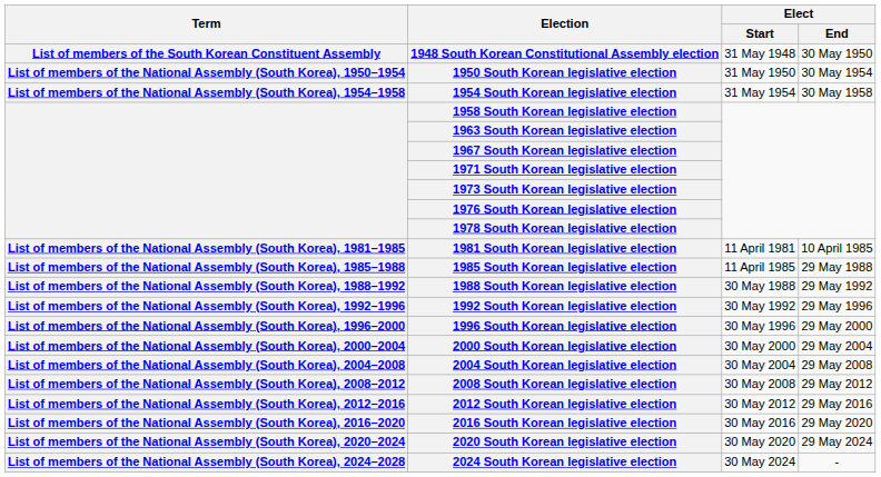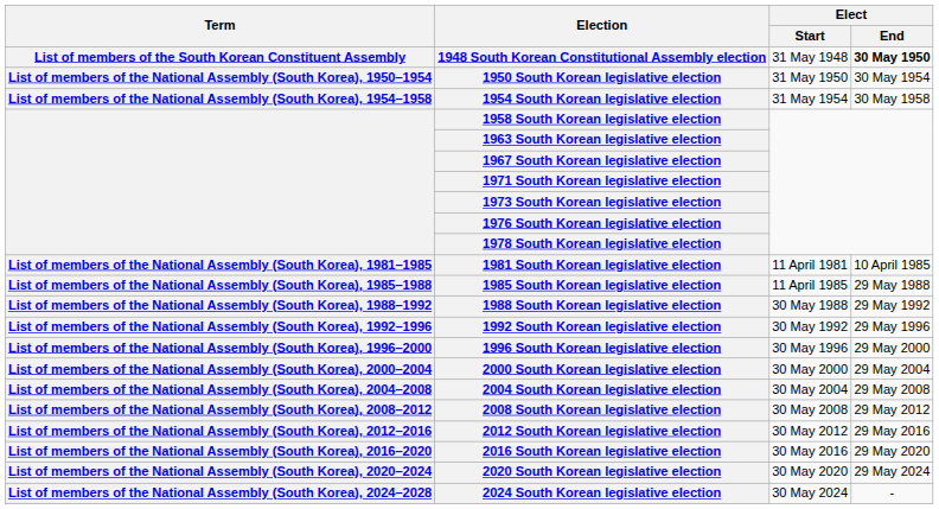 <table class ="wikitable">
 <tr style="text-align: center;">
 <th rowspan=2>Term</th>
 <th rowspan="2">Election</th>
 <th colspan="2">Elect</th>
 </tr>
 <tr style="text-align: center;">
 <th>Start</th>
 <th>End</th>
 </tr>
 <tr style="text-align: center;">
 <th><strong><a href='#'>List of members of the South Korean Constituent Assembly</a></strong></th>
 <th><a href='#'>1948 South Korean Constitutional Assembly election</a></th>
 <td>31 May 1948</td>
-<td>30 May 1950</td>
+<td><strong>30 May 1950</strong></td>
 </tr>
 <tr style="text-align: center;">
 <th><strong><a href='#'>List of members of the National Assembly (South Korea), 1950–1954</a></strong></th>
 <th><a href='#'>1950 South Korean legislative election</a></th>
 <td>31 May 1950</td>
 <td>30 May 1954</td>
 </tr>
 <tr style="text-align: center;">
 <th><strong><a href='#'>List of members of the National Assembly (South Korea), 1954–1958</a></strong></th>
 <th><a href='#'>1954 South Korean legislative election</a></th>
 <td>31 May 1954</td>
 <td>30 May 1958</td>
 </tr>
 <tr>
 <th rowspan="7"></th>
 <th><a href='#'>1958 South Korean legislative election</a></th>
 <td colspan="2" rowspan="7"></td>
 </tr>
 <tr>
 <th><a href='#'>1963 South Korean legislative election</a></th>
 </tr>
 <tr>
 <th><a href='#'>1967 South Korean legislative election</a></th>
 </tr>
 <tr>
 <th><a href='#'>1971 South Korean legislative election</a></th>
 </tr>
 <tr>
 <th><a href='#'>1973 South Korean legislative election</a></th>
 </tr>
 <tr>
 <th><a href='#'>1976 South Korean legislative election</a></th>
 </tr>
 <tr>
 <th><a href='#'>1978 South Korean legislative election</a></th>
 </tr>
 <tr style="text-align: center;">
 <th><strong><a href='#'>List of members of the National Assembly (South Korea), 1981–1985</a></strong></th>
 <th><a href='#'>1981 South Korean legislative election</a></th>
 <td>11 April 1981</td>
 <td>10 April 1985</td>
 </tr>
 <tr style="text-align: center;">
 <th><strong><a href='#'>List of members of the National Assembly (South Korea), 1985–1988</a></strong></th>
 <th><a href='#'>1985 South Korean legislative election</a></th>
 <td>11 April 1985</td>
 <td>29 May 1988</td>
 </tr>
 <tr style="text-align: center;">
 <th><strong><a href='#'>List of members of the National Assembly (South Korea), 1988–1992</a></strong></th>
 <th><a href='#'>1988 South Korean legislative election</a></th>
 <td>30 May 1988</td>
 <td>29 May 1992</td>
 </tr>
 <tr style="text-align: center;">
 <th><strong><a href='#'>List of members of the National Assembly (South Korea), 1992–1996</a></strong></th>
 <th><a href='#'>1992 South Korean legislative election</a></th>
 <td>30 May 1992</td>
 <td>29 May 1996</td>
 </tr>
 <tr style="text-align: center;">
 <th><strong><a href='#'>List of members of the National Assembly (South Korea), 1996–2000</a></strong></th>
 <th><a href='#'>1996 South Korean legislative election</a></th>
 <td>30 May 1996</td>
 <td>29 May 2000</td>
 </tr>
 <tr style="text-align: center;">
 <th><strong><a href='#'>List of members of the National Assembly (South Korea), 2000–2004</a></strong></th>
 <th><a href='#'>2000 South Korean legislative election</a></th>
 <td>30 May 2000</td>
 <td>29 May 2004</td>
 </tr>
 <tr style="text-align: center;">
 <th><strong><a href='#'>List of members of the National Assembly (South Korea), 2004–2008</a></strong></th>
 <th><a href='#'>2004 South Korean legislative election</a></th>
 <td>30 May 2004</td>
 <td>29 May 2008</td>
 </tr>
 <tr style="text-align: center;">
 <th><strong><a href='#'>List of members of the National Assembly (South Korea), 2008–2012</a></strong></th>
 <th><a href='#'>2008 South Korean legislative election</a></th>
 <td>30 May 2008</td>
 <td>29 May 2012</td>
 </tr>
 <tr style="text-align: center;">
 <th><strong><a href='#'>List of members of the National Assembly (South Korea), 2012–2016</a></strong></th>
 <th><a href='#'>2012 South Korean legislative election</a></th>
 <td>30 May 2012</td>
 <td>29 May 2016</td>
 </tr>
 <tr style="text-align: center;">
 <th><strong><a href='#'>List of members of the National Assembly (South Korea), 2016–2020</a></strong></th>
 <th><a href='#'>2016 South Korean legislative election</a></th>
 <td>30 May 2016</td>
 <td>29 May 2020</td>
 </tr>
 <tr style="text-align: center;">
 <th><strong><a href='#'>List of members of the National Assembly (South Korea), 2020–2024</a></strong></th>
 <th><a href='#'>2020 South Korean legislative election</a></th>
 <td>30 May 2020</td>
 <td>29 May 2024</td>
 </tr>
 <tr style="text-align: center;">
 <th><strong><a href='#'>List of members of the National Assembly (South Korea), 2024–2028</a></strong></th>
 <th><a href='#'>2024 South Korean legislative election</a></th>
 <td>30 May 2024</td>
 <td>-</td>
 </tr>
 </table>
